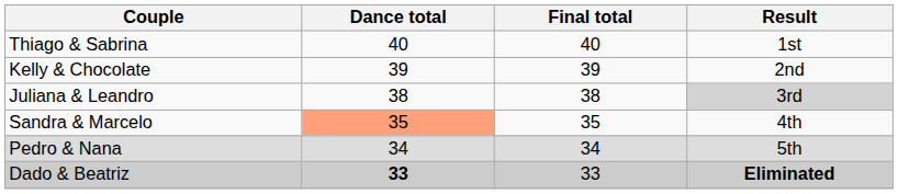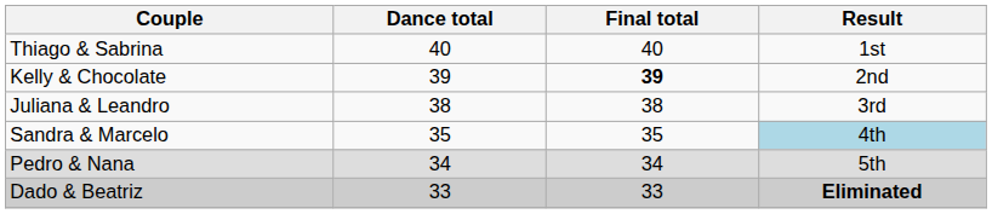 <table class="wikitable" style="font-size:100%; line-height:16px; text-align:center" width="40%">
 <tr>
 <th width=120>Couple</th>
 <th width=075>Dance total</th>
 <th width=075>Final total</th>
 <th width=075>Result</th>
 </tr>
 <tr>
 <td align="left">Thiago & Sabrina</td>
 <td>40</td>
 <td>40</td>
 <td>1st</td>
 </tr>
 <tr>
 <td align="left">Kelly & Chocolate</td>
 <td>39</td>
-<td>39</td>
+<td><strong>39</strong></td>
 <td>2nd</td>
 </tr>
 <tr>
 <td align="left">Juliana & Leandro</td>
 <td>38</td>
 <td>38</td>
-<td style="background: lightgrey;">3rd</td>
+<td>3rd</td>
 </tr>
 <tr>
 <td align="left">Sandra & Marcelo</td>
-<td style="background: lightsalmon;">35</td>
 <td>35</td>
-<td>4th</td>
+<td>35</td>
+<td style="background: lightblue;">4th</td>
 </tr>
 <tr bgcolor="DDDDDD">
 <td align="left">Pedro & Nana</td>
 <td>34</td>
 <td>34</td>
 <td>5th</td>
 </tr>
 <tr bgcolor="CCCCCC">
 <td align="left">Dado & Beatriz</td>
-<td><strong>33</strong></td>
+<td>33</td>
 <td>33</td>
 <td><strong>Eliminated</strong></td>
 </tr>
 <tr>
 </tr>
 </table>
